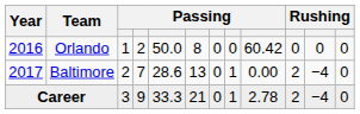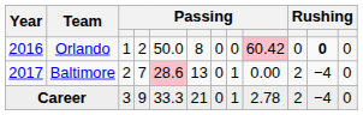 <table class="wikitable sortable" style="text-align:center">
 <tr>
 <th rowspan=2>Year</th>
 <th rowspan=2>Team</th>
 <th colspan=7>Passing</th>
 <th colspan=3>Rushing</th>
 </tr>
 <tr>
 <th></th>
 <th></th>
 <th></th>
 <th></th>
 <th></th>
 <th></th>
 <th></th>
 <th></th>
 <th></th>
 <th></th>
 </tr>
 <tr>
 <td><a href='#'>2016</a></td>
 <td><a href='#'>Orlando</a></td>
 <td>1</td>
 <td>2</td>
 <td>50.0</td>
 <td>8</td>
 <td>0</td>
 <td>0</td>
-<td>60.42</td>
+<td style="background: pink;">60.42</td>
 <td>0</td>
-<td>0</td>
+<td><strong>0</strong></td>
 <td>0</td>
 </tr>
 <tr>
 <td><a href='#'>2017</a></td>
 <td><a href='#'>Baltimore</a></td>
 <td>2</td>
 <td>7</td>
-<td>28.6</td>
+<td style="background: pink;">28.6</td>
 <td>13</td>
 <td>0</td>
 <td>1</td>
 <td>0.00</td>
 <td>2</td>
 <td>−4</td>
 <td>0</td>
 </tr>
 <tr class="sortbottom" style="background:#eee;">
 <td colspan=2><strong>Career</strong></td>
 <td>3</td>
 <td>9</td>
 <td>33.3</td>
 <td>21</td>
 <td>0</td>
 <td>1</td>
 <td>2.78</td>
 <td>2</td>
 <td>−4</td>
 <td>0</td>
 </tr>
 </table>
